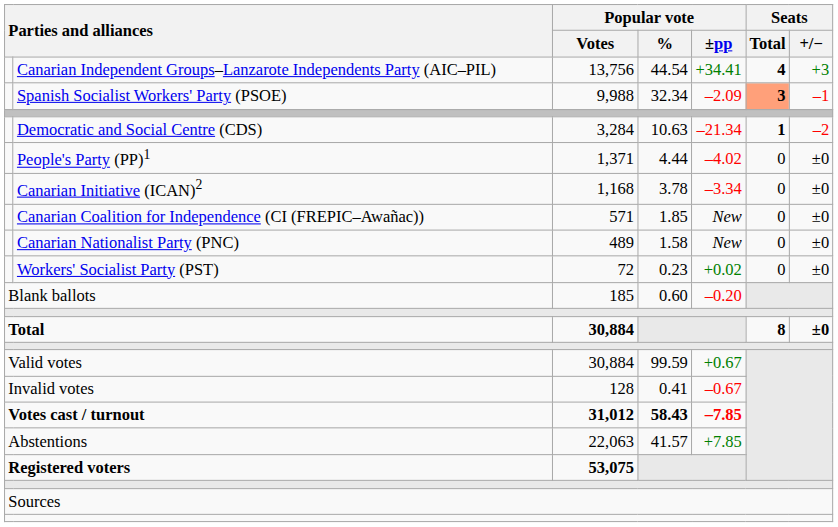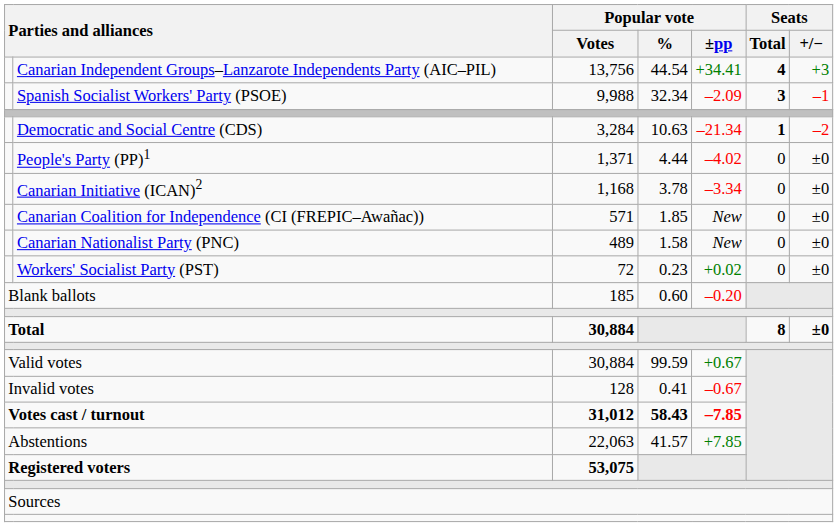 <table class="wikitable" style="text-align:right;">
 <tr>
 <th style="text-align:left;" rowspan="2" colspan="2" width="525">Parties and alliances</th>
 <th colspan="3">Popular vote</th>
 <th colspan="2">Seats</th>
 </tr>
 <tr>
 <th width="75">Votes</th>
 <th width="45">%</th>
 <th width="45">±<a href='#'>pp</a></th>
 <th width="35">Total</th>
 <th width="35">+/−</th>
 </tr>
 <tr>
 <td width="1" style="color:inherit;background:"></td>
 <td align="left"><a href='#'>Canarian Independent Groups</a>–<a href='#'>Lanzarote Independents Party</a> (AIC–PIL)</td>
 <td>13,756</td>
 <td>44.54</td>
 <td style="color:green;">+34.41</td>
 <td><strong>4</strong></td>
 <td style="color:green;">+3</td>
 </tr>
 <tr>
 <td style="color:inherit;background:"></td>
 <td align="left"><a href='#'>Spanish Socialist Workers' Party</a> (PSOE)</td>
 <td>9,988</td>
 <td>32.34</td>
 <td style="color:red;">–2.09</td>
-<td style="background: lightsalmon;"><strong>3</strong></td>
+<td><strong>3</strong></td>
 <td style="color:red;">–1</td>
 </tr>
 <tr>
 <td colspan="7" bgcolor="#C0C0C0"></td>
 </tr>
 <tr>
 <td style="color:inherit;background:"></td>
 <td align="left"><a href='#'>Democratic and Social Centre</a> (CDS)</td>
 <td>3,284</td>
 <td>10.63</td>
 <td style="color:red;">–21.34</td>
 <td><strong>1</strong></td>
 <td style="color:red;">–2</td>
 </tr>
 <tr>
 <td style="color:inherit;background:"></td>
 <td align="left"><a href='#'>People's Party</a> (PP)<sup>1</sup></td>
 <td>1,371</td>
 <td>4.44</td>
 <td style="color:red;">–4.02</td>
 <td>0</td>
 <td>±0</td>
 </tr>
 <tr>
 <td style="color:inherit;background:"></td>
 <td align="left"><a href='#'>Canarian Initiative</a> (ICAN)<sup>2</sup></td>
 <td>1,168</td>
 <td>3.78</td>
 <td style="color:red;">–3.34</td>
 <td>0</td>
 <td>±0</td>
 </tr>
 <tr>
 <td style="color:inherit;background:"></td>
 <td align="left"><a href='#'>Canarian Coalition for Independence</a> (CI (FREPIC–Awañac))</td>
 <td>571</td>
 <td>1.85</td>
 <td><em>New</em></td>
 <td>0</td>
 <td>±0</td>
 </tr>
 <tr>
 <td style="color:inherit;background:"></td>
 <td align="left"><a href='#'>Canarian Nationalist Party</a> (PNC)</td>
 <td>489</td>
 <td>1.58</td>
 <td><em>New</em></td>
 <td>0</td>
 <td>±0</td>
 </tr>
 <tr>
 <td style="color:inherit;background:"></td>
 <td align="left"><a href='#'>Workers' Socialist Party</a> (PST)</td>
 <td>72</td>
 <td>0.23</td>
 <td style="color:green;">+0.02</td>
 <td>0</td>
 <td>±0</td>
 </tr>
 <tr>
 <td align="left" colspan="2">Blank ballots</td>
 <td>185</td>
 <td>0.60</td>
 <td style="color:red;">–0.20</td>
 <td bgcolor="#E9E9E9" colspan="2"></td>
 </tr>
 <tr>
 <td colspan="7" bgcolor="#E9E9E9"></td>
 </tr>
 <tr style="font-weight:bold;">
 <td align="left" colspan="2">Total</td>
 <td>30,884</td>
 <td bgcolor="#E9E9E9" colspan="2"></td>
 <td>8</td>
 <td>±0</td>
 </tr>
 <tr>
 <td colspan="7" bgcolor="#E9E9E9"></td>
 </tr>
 <tr>
 <td align="left" colspan="2">Valid votes</td>
 <td>30,884</td>
 <td>99.59</td>
 <td style="color:green;">+0.67</td>
 <td bgcolor="#E9E9E9" colspan="2" rowspan="5"></td>
 </tr>
 <tr>
 <td align="left" colspan="2">Invalid votes</td>
 <td>128</td>
 <td>0.41</td>
 <td style="color:red;">–0.67</td>
 </tr>
 <tr style="font-weight:bold;">
 <td align="left" colspan="2">Votes cast / turnout</td>
 <td>31,012</td>
 <td>58.43</td>
 <td style="color:red;">–7.85</td>
 </tr>
 <tr>
 <td align="left" colspan="2">Abstentions</td>
 <td>22,063</td>
 <td>41.57</td>
 <td style="color:green;">+7.85</td>
 </tr>
 <tr style="font-weight:bold;">
 <td align="left" colspan="2">Registered voters</td>
 <td>53,075</td>
 <td bgcolor="#E9E9E9" colspan="2"></td>
 </tr>
 <tr>
 <td colspan="7" bgcolor="#E9E9E9"></td>
 </tr>
 <tr>
 <td align="left" colspan="7">Sources</td>
 </tr>
 <tr>
 <td colspan="7" style="text-align:left; max-width:790px;"></td>
 </tr>
 </table>
